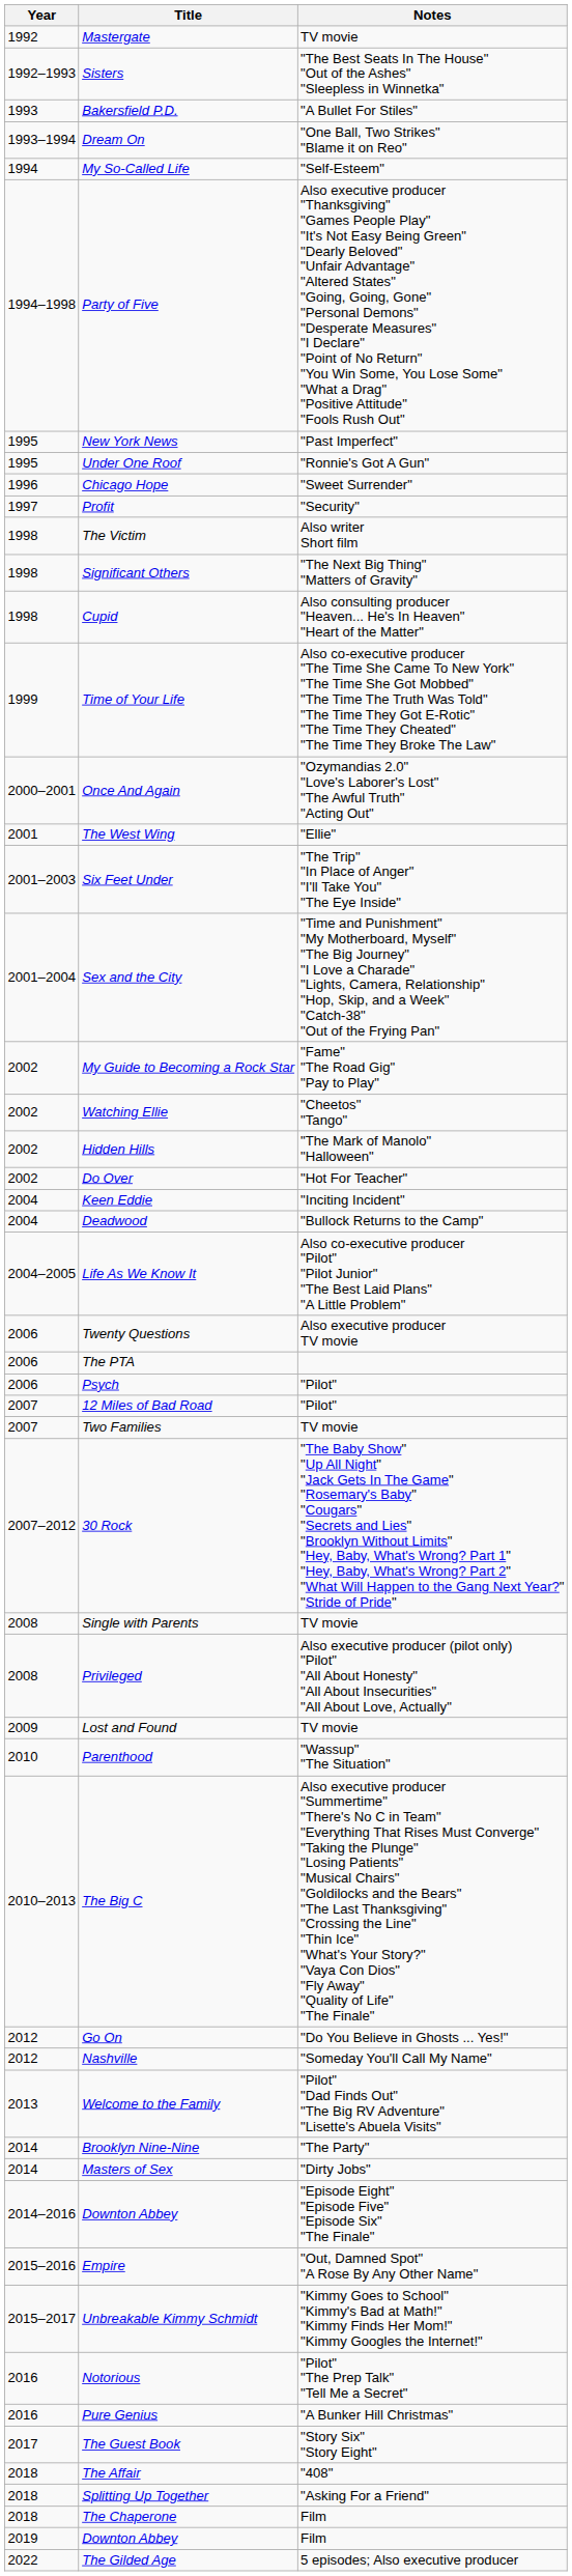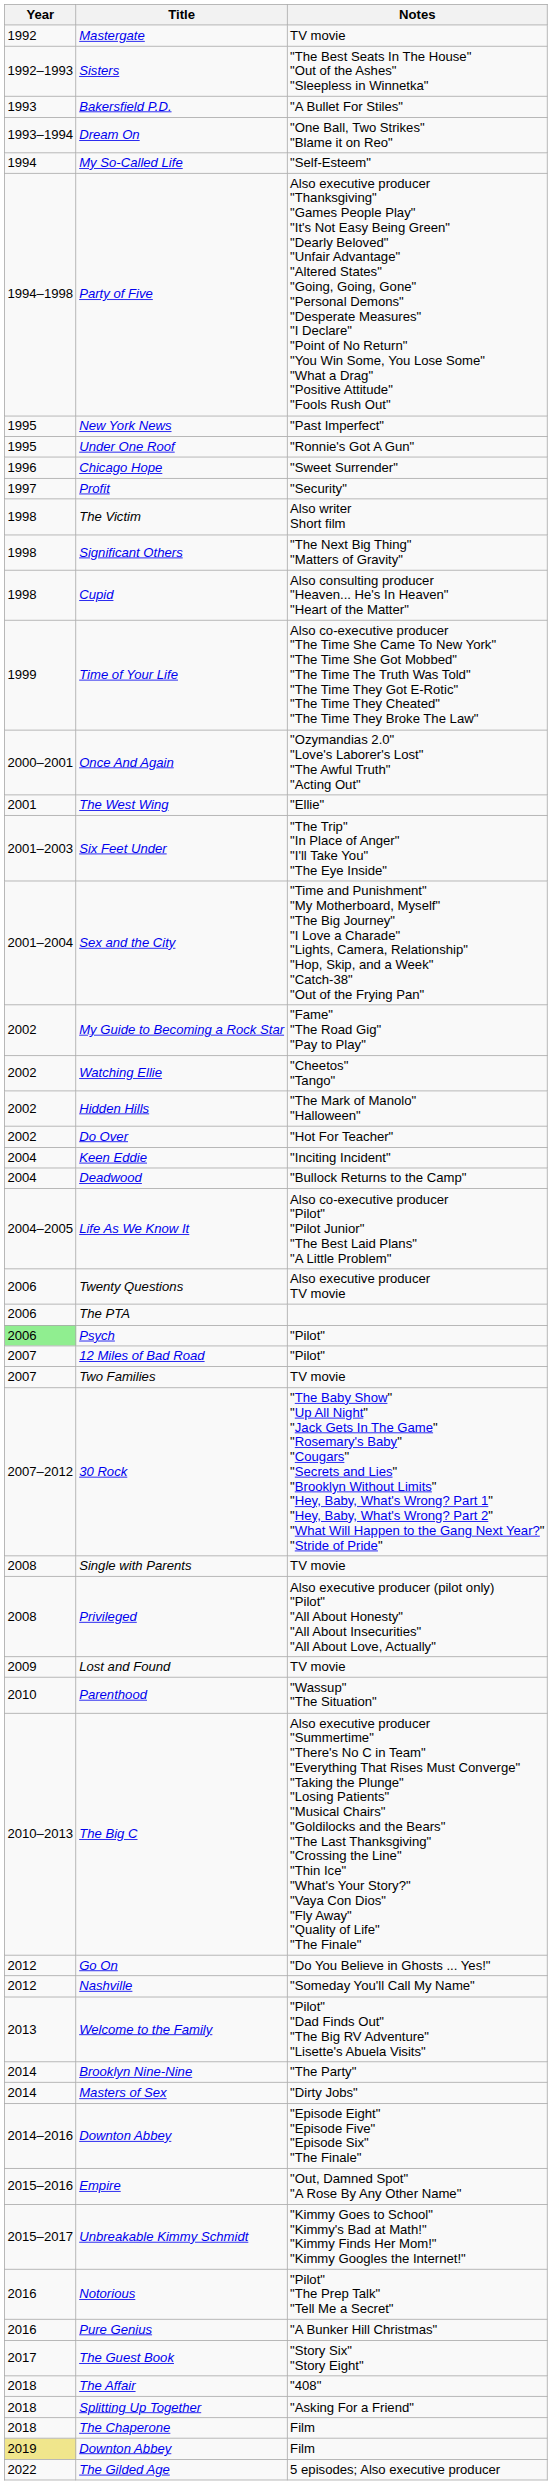 <table class="wikitable">
 <tr>
 <th>Year</th>
 <th>Title</th>
 <th>Notes</th>
 </tr>
 <tr>
 <td>1992</td>
 <td><em><a href='#'>Mastergate</a></em></td>
 <td>TV movie</td>
 </tr>
 <tr>
 <td>1992–1993</td>
 <td><em><a href='#'>Sisters</a></em></td>
 <td>"The Best Seats In The House"<br>"Out of the Ashes"<br>"Sleepless in Winnetka"</td>
 </tr>
 <tr>
 <td>1993</td>
 <td><em><a href='#'>Bakersfield P.D.</a></em></td>
 <td>"A Bullet For Stiles"</td>
 </tr>
 <tr>
 <td>1993–1994</td>
 <td><em><a href='#'>Dream On</a></em></td>
 <td>"One Ball, Two Strikes"<br>"Blame it on Reo"</td>
 </tr>
 <tr>
 <td>1994</td>
 <td><em><a href='#'>My So-Called Life</a></em></td>
 <td>"Self-Esteem"</td>
 </tr>
 <tr>
 <td>1994–1998</td>
 <td><em><a href='#'>Party of Five</a></em></td>
 <td>Also executive producer<br>"Thanksgiving"<br>"Games People Play"<br>"It's Not Easy Being Green"<br>"Dearly Beloved"<br>"Unfair Advantage"<br>"Altered States"<br>"Going, Going, Gone"<br>"Personal Demons"<br>"Desperate Measures"<br>"I Declare"<br>"Point of No Return"<br>"You Win Some, You Lose Some"<br>"What a Drag"<br>"Positive Attitude"<br>"Fools Rush Out"</td>
 </tr>
 <tr>
 <td>1995</td>
 <td><em><a href='#'>New York News</a></em></td>
 <td>"Past Imperfect"</td>
 </tr>
 <tr>
 <td>1995</td>
 <td><em><a href='#'>Under One Roof</a></em></td>
 <td>"Ronnie's Got A Gun"</td>
 </tr>
 <tr>
 <td>1996</td>
 <td><em><a href='#'>Chicago Hope</a></em></td>
 <td>"Sweet Surrender"</td>
 </tr>
 <tr>
 <td>1997</td>
 <td><em><a href='#'>Profit</a></em></td>
 <td>"Security"</td>
 </tr>
 <tr>
 <td>1998</td>
 <td><em>The Victim</em></td>
 <td>Also writer<br>Short film</td>
 </tr>
 <tr>
 <td>1998</td>
 <td><em><a href='#'>Significant Others</a></em></td>
 <td>"The Next Big Thing"<br>"Matters of Gravity"</td>
 </tr>
 <tr>
 <td>1998</td>
 <td><em><a href='#'>Cupid</a></em></td>
 <td>Also consulting producer<br>"Heaven... He's In Heaven"<br>"Heart of the Matter"</td>
 </tr>
 <tr>
 <td>1999</td>
 <td><em><a href='#'>Time of Your Life</a></em></td>
 <td>Also co-executive producer<br>"The Time She Came To New York"<br>"The Time She Got Mobbed"<br>"The Time The Truth Was Told"<br>"The Time They Got E-Rotic"<br>"The Time They Cheated"<br>"The Time They Broke The Law"</td>
 </tr>
 <tr>
 <td>2000–2001</td>
 <td><em><a href='#'>Once And Again</a></em></td>
 <td>"Ozymandias 2.0"<br>"Love's Laborer's Lost"<br>"The Awful Truth"<br>"Acting Out"</td>
 </tr>
 <tr>
 <td>2001</td>
 <td><em><a href='#'>The West Wing</a></em></td>
 <td>"Ellie"</td>
 </tr>
 <tr>
 <td>2001–2003</td>
 <td><em><a href='#'>Six Feet Under</a></em></td>
 <td>"The Trip"<br>"In Place of Anger"<br>"I'll Take You"<br>"The Eye Inside"</td>
 </tr>
 <tr>
 <td>2001–2004</td>
 <td><em><a href='#'>Sex and the City</a></em></td>
 <td>"Time and Punishment"<br>"My Motherboard, Myself"<br>"The Big Journey"<br>"I Love a Charade"<br>"Lights, Camera, Relationship"<br>"Hop, Skip, and a Week"<br>"Catch-38"<br>"Out of the Frying Pan"</td>
 </tr>
 <tr>
 <td>2002</td>
 <td><em><a href='#'>My Guide to Becoming a Rock Star</a></em></td>
 <td>"Fame"<br>"The Road Gig"<br>"Pay to Play"</td>
 </tr>
 <tr>
 <td>2002</td>
 <td><em><a href='#'>Watching Ellie</a></em></td>
 <td>"Cheetos"<br>"Tango"</td>
 </tr>
 <tr>
 <td>2002</td>
 <td><em><a href='#'>Hidden Hills</a></em></td>
 <td>"The Mark of Manolo"<br>"Halloween"</td>
 </tr>
 <tr>
 <td>2002</td>
 <td><em><a href='#'>Do Over</a></em></td>
 <td>"Hot For Teacher"</td>
 </tr>
 <tr>
 <td>2004</td>
 <td><em><a href='#'>Keen Eddie</a></em></td>
 <td>"Inciting Incident"</td>
 </tr>
 <tr>
 <td>2004</td>
 <td><em><a href='#'>Deadwood</a></em></td>
 <td>"Bullock Returns to the Camp"</td>
 </tr>
 <tr>
 <td>2004–2005</td>
 <td><em><a href='#'>Life As We Know It</a></em></td>
 <td>Also co-executive producer<br>"Pilot"<br>"Pilot Junior"<br>"The Best Laid Plans"<br>"A Little Problem"</td>
 </tr>
 <tr>
 <td>2006</td>
 <td><em>Twenty Questions</em></td>
 <td>Also executive producer<br>TV movie</td>
 </tr>
 <tr>
 <td>2006</td>
 <td><em>The PTA</em></td>
 <td></td>
 </tr>
 <tr>
-<td>2006</td>
+<td style="background: lightgreen;">2006</td>
 <td><em><a href='#'>Psych</a></em></td>
 <td>"Pilot"</td>
 </tr>
 <tr>
 <td>2007</td>
 <td><em><a href='#'>12 Miles of Bad Road</a></em></td>
 <td>"Pilot"</td>
 </tr>
 <tr>
 <td>2007</td>
 <td><em>Two Families</em></td>
 <td>TV movie</td>
 </tr>
 <tr>
 <td>2007–2012</td>
 <td><em><a href='#'>30 Rock</a></em></td>
 <td>"<a href='#'>The Baby Show</a>"<br>"<a href='#'>Up All Night</a>"<br>"<a href='#'>Jack Gets In The Game</a>"<br>"<a href='#'>Rosemary's Baby</a>"<br>"<a href='#'>Cougars</a>"<br>"<a href='#'>Secrets and Lies</a>"<br>"<a href='#'>Brooklyn Without Limits</a>"<br>"<a href='#'>Hey, Baby, What's Wrong? Part 1</a>"<br>"<a href='#'>Hey, Baby, What's Wrong? Part 2</a>"<br>"<a href='#'>What Will Happen to the Gang Next Year?</a>"<br>"<a href='#'>Stride of Pride</a>"</td>
 </tr>
 <tr>
 <td>2008</td>
 <td><em>Single with Parents</em></td>
 <td>TV movie</td>
 </tr>
 <tr>
 <td>2008</td>
 <td><a href='#'><em>Privileged</em></a></td>
 <td>Also executive producer (pilot only)<br>"Pilot"<br>"All About Honesty"<br>"All About Insecurities"<br>"All About Love, Actually"</td>
 </tr>
 <tr>
 <td>2009</td>
 <td><em>Lost and Found</em></td>
 <td>TV movie</td>
 </tr>
 <tr>
 <td>2010</td>
 <td><em><a href='#'>Parenthood</a></em></td>
 <td>"Wassup"<br>"The Situation"</td>
 </tr>
 <tr>
 <td>2010–2013</td>
 <td><em><a href='#'>The Big C</a></em></td>
 <td>Also executive producer<br>"Summertime"<br>"There's No C in Team"<br>"Everything That Rises Must Converge"<br>"Taking the Plunge"<br>"Losing Patients"<br>"Musical Chairs"<br>"Goldilocks and the Bears"<br>"The Last Thanksgiving"<br>"Crossing the Line"<br>"Thin Ice"<br>"What's Your Story?"<br>"Vaya Con Dios"<br>"Fly Away"<br>"Quality of Life"<br>"The Finale"</td>
 </tr>
 <tr>
 <td>2012</td>
 <td><em><a href='#'>Go On</a></em></td>
 <td>"Do You Believe in Ghosts ... Yes!"</td>
 </tr>
 <tr>
 <td>2012</td>
 <td><em><a href='#'>Nashville</a></em></td>
 <td>"Someday You'll Call My Name"</td>
 </tr>
 <tr>
 <td>2013</td>
 <td><em><a href='#'>Welcome to the Family</a></em></td>
 <td>"Pilot"<br>"Dad Finds Out"<br>"The Big RV Adventure"<br>"Lisette's Abuela Visits"</td>
 </tr>
 <tr>
 <td>2014</td>
 <td><em><a href='#'>Brooklyn Nine-Nine</a></em></td>
 <td>"The Party"</td>
 </tr>
 <tr>
 <td>2014</td>
 <td><em><a href='#'>Masters of Sex</a></em></td>
 <td>"Dirty Jobs"</td>
 </tr>
 <tr>
 <td>2014–2016</td>
 <td><em><a href='#'>Downton Abbey</a></em></td>
 <td>"Episode Eight"<br>"Episode Five"<br>"Episode Six"<br>"The Finale"</td>
 </tr>
 <tr>
 <td>2015–2016</td>
 <td><em><a href='#'>Empire</a></em></td>
 <td>"Out, Damned Spot"<br>"A Rose By Any Other Name"</td>
 </tr>
 <tr>
 <td>2015–2017</td>
 <td><em><a href='#'>Unbreakable Kimmy Schmidt</a></em></td>
 <td>"Kimmy Goes to School"<br>"Kimmy's Bad at Math!"<br>"Kimmy Finds Her Mom!"<br>"Kimmy Googles the Internet!"</td>
 </tr>
 <tr>
 <td>2016</td>
 <td><em><a href='#'>Notorious</a></em></td>
 <td>"Pilot"<br>"The Prep Talk"<br>"Tell Me a Secret"</td>
 </tr>
 <tr>
 <td>2016</td>
 <td><em><a href='#'>Pure Genius</a></em></td>
 <td>"A Bunker Hill Christmas"</td>
 </tr>
 <tr>
 <td>2017</td>
 <td><em><a href='#'>The Guest Book</a></em></td>
 <td>"Story Six"<br>"Story Eight"</td>
 </tr>
 <tr>
 <td>2018</td>
 <td><em><a href='#'>The Affair</a></em></td>
 <td>"408"</td>
 </tr>
 <tr>
 <td>2018</td>
 <td><em><a href='#'>Splitting Up Together</a></em></td>
 <td>"Asking For a Friend"</td>
 </tr>
 <tr>
 <td>2018</td>
 <td><em><a href='#'>The Chaperone</a></em></td>
 <td>Film</td>
 </tr>
 <tr>
-<td>2019</td>
+<td style="background: khaki;">2019</td>
 <td><em><a href='#'>Downton Abbey</a></em></td>
 <td>Film</td>
 </tr>
 <tr>
 <td>2022</td>
 <td><em><a href='#'>The Gilded Age</a></em></td>
 <td>5 episodes; Also executive producer</td>
 </tr>
 </table>
